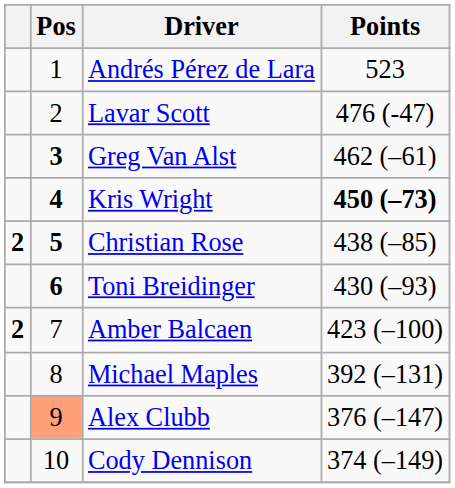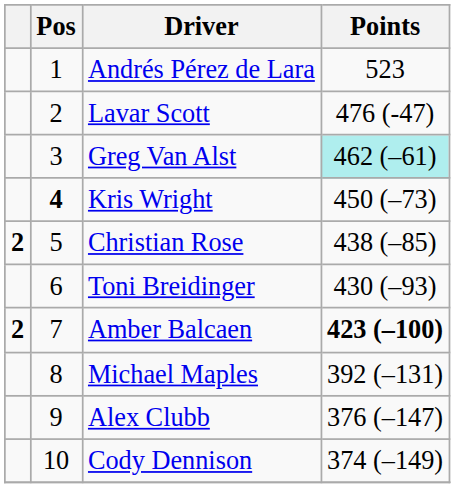 <table class="wikitable" style="font-size: 95%;">
 <tr>
 <th></th>
 <th>Pos</th>
 <th>Driver</th>
 <th>Points</th>
 </tr>
 <tr>
 <td align="left"></td>
 <td style="text-align:center;">1</td>
 <td><a href='#'>Andrés Pérez de Lara</a></td>
 <td style="text-align:center;">523</td>
 </tr>
 <tr>
 <td align="left"></td>
 <td style="text-align:center;">2</td>
 <td><a href='#'>Lavar Scott</a></td>
 <td style="text-align:center;">476 (-47)</td>
 </tr>
 <tr>
 <td align="left"></td>
-<td style="text-align:center;"><strong>3</strong></td>
+<td style="text-align:center;">3</td>
 <td><a href='#'>Greg Van Alst</a></td>
-<td style="text-align:center;">462 (–61)</td>
+<td style="background: paleturquoise; text-align:center;">462 (–61)</td>
 </tr>
 <tr>
 <td align="left"></td>
 <td style="text-align:center;"><strong>4</strong></td>
 <td><a href='#'>Kris Wright</a></td>
-<td style="text-align:center;"><strong>450 (–73)</strong></td>
+<td style="text-align:center;">450 (–73)</td>
 </tr>
 <tr>
 <td align="left"> <strong>2</strong></td>
-<td style="text-align:center;"><strong>5</strong></td>
+<td style="text-align:center;">5</td>
 <td><a href='#'>Christian Rose</a></td>
 <td style="text-align:center;">438 (–85)</td>
 </tr>
 <tr>
 <td align="left"></td>
-<td style="text-align:center;"><strong>6</strong></td>
+<td style="text-align:center;">6</td>
 <td><a href='#'>Toni Breidinger</a></td>
 <td style="text-align:center;">430 (–93)</td>
 </tr>
 <tr>
 <td align="left"> <strong>2</strong></td>
 <td style="text-align:center;">7</td>
 <td><a href='#'>Amber Balcaen</a></td>
-<td style="text-align:center;">423 (–100)</td>
+<td style="text-align:center;"><strong>423 (–100)</strong></td>
 </tr>
 <tr>
 <td align="left"></td>
 <td style="text-align:center;">8</td>
 <td><a href='#'>Michael Maples</a></td>
 <td style="text-align:center;">392 (–131)</td>
 </tr>
 <tr>
 <td align="left"></td>
-<td style="background: lightsalmon; text-align:center;">9</td>
+<td style="text-align:center;">9</td>
 <td><a href='#'>Alex Clubb</a></td>
 <td style="text-align:center;">376 (–147)</td>
 </tr>
 <tr>
 <td align="left"></td>
 <td style="text-align:center;">10</td>
 <td><a href='#'>Cody Dennison</a></td>
 <td style="text-align:center;">374 (–149)</td>
 </tr>
 <tr class="sortbottom">
 </tr>
 </table>
